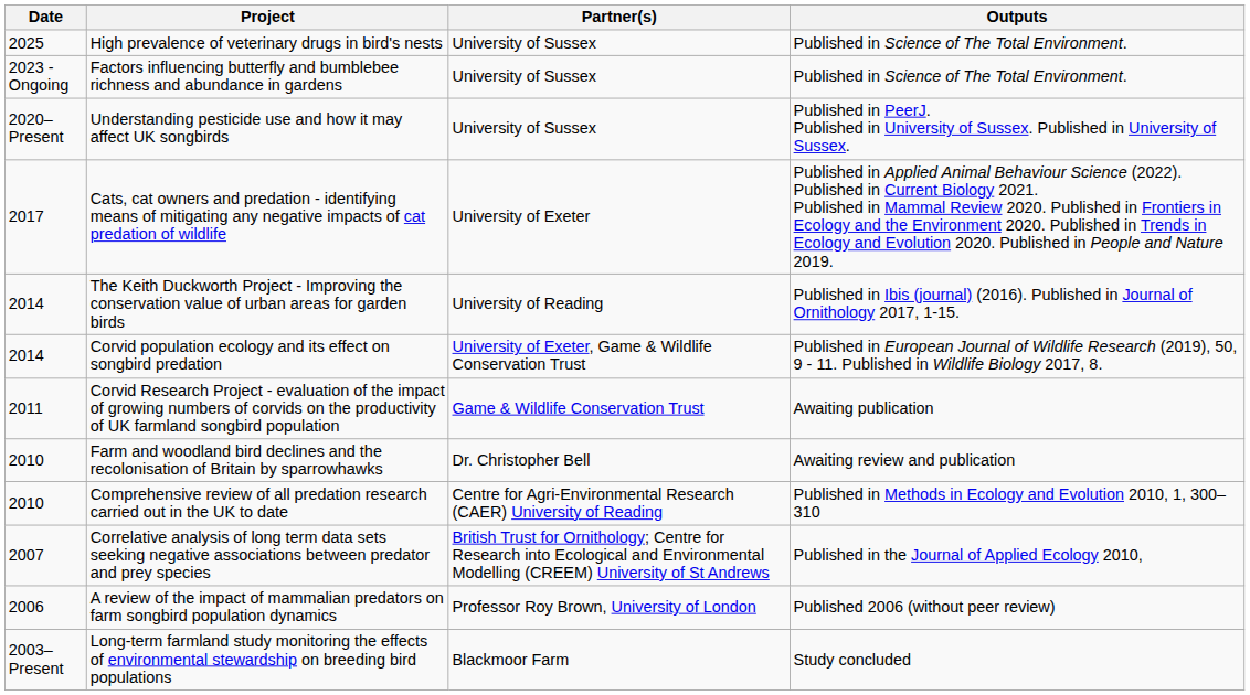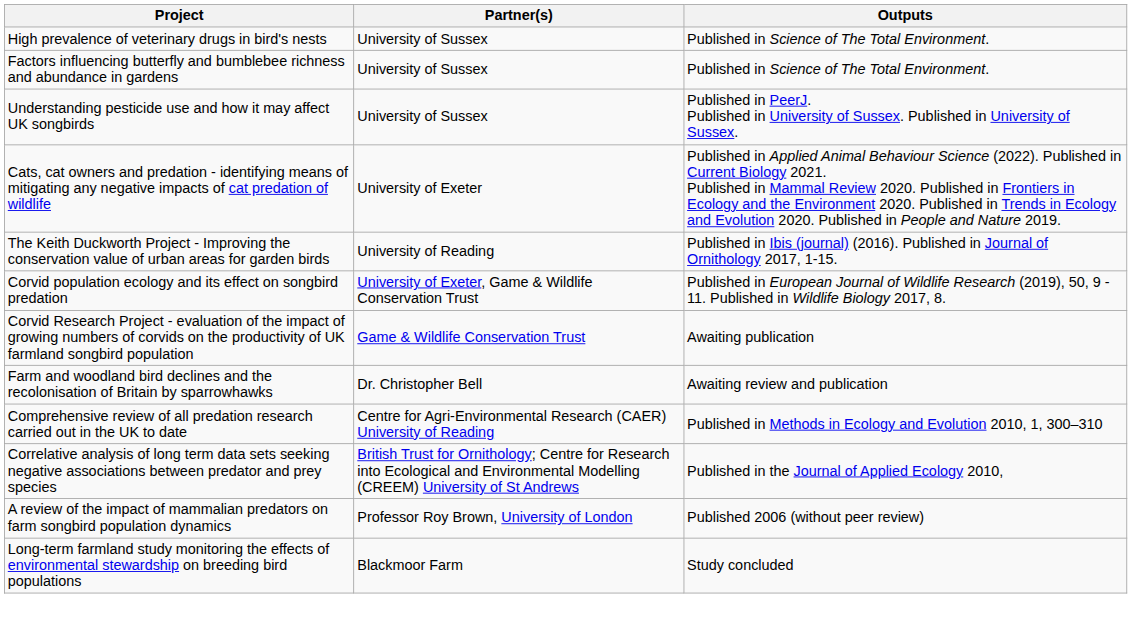 <table class="wikitable">
 <tr>
-<th>Date</th>
 <th>Project</th>
 <th>Partner(s)</th>
 <th>Outputs</th>
 </tr>
 <tr>
-<td>2025</td>
 <td>High prevalence of veterinary drugs in bird's nests</td>
 <td>University of Sussex</td>
 <td>Published in <em>Science of The Total Environment</em>.</td>
 </tr>
 <tr>
-<td>2023 - Ongoing</td>
 <td>Factors influencing butterfly and bumblebee richness and abundance in gardens</td>
 <td>University of Sussex</td>
 <td>Published in <em>Science of The Total Environment</em>.</td>
 </tr>
 <tr>
-<td>2020–Present</td>
 <td>Understanding pesticide use and how it may affect UK songbirds</td>
 <td>University of Sussex</td>
 <td>Published in <a href='#'>PeerJ</a>.<br>Published in <a href='#'>University of Sussex</a>. Published in <a href='#'>University of Sussex</a>.</td>
 </tr>
 <tr>
-<td>2017</td>
 <td>Cats, cat owners and predation - identifying means of mitigating any negative impacts of <a href='#'>cat predation of wildlife</a></td>
 <td>University of Exeter</td>
 <td>Published in <em>Applied Animal Behaviour Science</em> (2022). Published in <a href='#'>Current Biology</a> 2021.<br>Published in <a href='#'>Mammal Review</a> 2020. Published in <a href='#'>Frontiers in Ecology and the Environment</a> 2020. Published in <a href='#'>Trends in Ecology and Evolution</a> 2020. Published in <em>People and Nature</em> 2019.</td>
 </tr>
 <tr>
-<td>2014</td>
 <td>The Keith Duckworth Project - Improving the conservation value of urban areas for garden birds</td>
 <td>University of Reading</td>
 <td>Published in <a href='#'>Ibis (journal)</a> (2016). Published in <a href='#'>Journal of Ornithology</a> 2017, 1-15.</td>
 </tr>
 <tr>
-<td>2014</td>
 <td>Corvid population ecology and its effect on songbird predation</td>
 <td><a href='#'>University of Exeter</a>, Game & Wildlife Conservation Trust</td>
 <td>Published in <em>European Journal of Wildlife Research</em> (2019), 50, 9 - 11. Published in <em>Wildlife Biology</em> 2017, 8.</td>
 </tr>
 <tr>
-<td>2011</td>
 <td>Corvid Research Project - evaluation of the impact of growing numbers of corvids on the productivity of UK farmland songbird population</td>
 <td><a href='#'>Game & Wildlife Conservation Trust</a></td>
 <td>Awaiting publication</td>
 </tr>
 <tr>
-<td>2010</td>
 <td>Farm and woodland bird declines and the recolonisation of Britain by sparrowhawks</td>
 <td>Dr. Christopher Bell</td>
 <td>Awaiting review and publication</td>
 </tr>
 <tr>
-<td>2010</td>
 <td>Comprehensive review of all predation research carried out in the UK to date</td>
 <td>Centre for Agri-Environmental Research (CAER) <a href='#'>University of Reading</a></td>
 <td>Published in <a href='#'>Methods in Ecology and Evolution</a> 2010, 1, 300–310</td>
 </tr>
 <tr>
-<td>2007</td>
 <td>Correlative analysis of long term data sets seeking negative associations between predator and prey species</td>
 <td><a href='#'>British Trust for Ornithology</a>;  Centre for Research into Ecological and Environmental Modelling (CREEM) <a href='#'>University of St Andrews</a></td>
 <td>Published in the <a href='#'>Journal of Applied Ecology</a> 2010,</td>
 </tr>
 <tr>
-<td>2006</td>
 <td>A review of the impact of mammalian predators on farm songbird population dynamics</td>
 <td>Professor Roy Brown, <a href='#'>University of London</a></td>
 <td>Published 2006 (without peer review)</td>
 </tr>
 <tr>
-<td>2003–Present</td>
 <td>Long-term farmland study monitoring the effects of <a href='#'>environmental stewardship</a> on breeding bird populations</td>
 <td>Blackmoor Farm</td>
 <td>Study concluded</td>
 </tr>
 </table>
